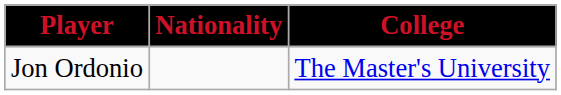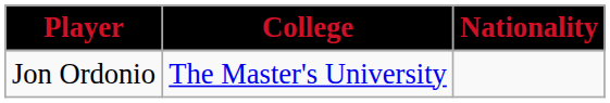 <table class="wikitable sortable sortable">
 <tr>
 <th style="background:#000000; color:#CE1126; ">Player</th>
+<th style="background:#000000; color:#CE1126; ">College</th>
 <th style="background:#000000; color:#CE1126; ">Nationality</th>
-<th style="background:#000000; color:#CE1126; ">College</th>
 </tr>
 <tr>
 <td align="center">Jon Ordonio</td>
+<td align="center"><a href='#'>The Master's University</a></td>
 <td align="center"></td>
-<td align="center"><a href='#'>The Master's University</a></td>
 </tr>
 </table>
